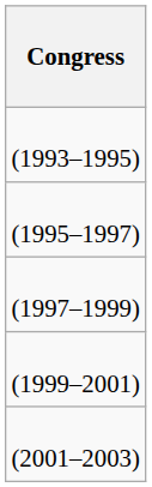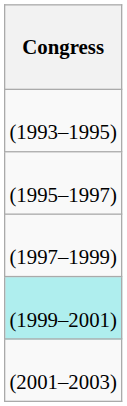 <table class="wikitable" style="float:left; margin:0; margin-right:-0.5px; margin-top:14px; text-align:center;">
 <tr style="white-space:nowrap; height:4.08em;">
 <th>Congress</th>
 </tr>
 <tr style="white-space:nowrap; height:3em;">
 <td><strong></strong><br>(1993–1995)</td>
 </tr>
 <tr style="white-space:nowrap; height:3em">
 <td><strong></strong><br>(1995–1997)</td>
 </tr>
 <tr style="white-space:nowrap; height:3em">
 <td><strong></strong><br>(1997–1999)</td>
 </tr>
 <tr style="white-space:nowrap; height:3em">
-<td><strong></strong><br>(1999–2001)</td>
+<td style="background: paleturquoise;"><strong></strong><br>(1999–2001)</td>
 </tr>
 <tr style="white-space:nowrap; height:3em">
 <td><strong></strong><br>(2001–2003)</td>
 </tr>
 </table>
